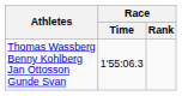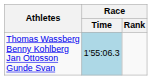 <table class="wikitable" border="1" style="font-size:90%">
 <tr>
 <th rowspan=2>Athletes</th>
 <th colspan=2>Race</th>
 </tr>
 <tr>
 <th>Time</th>
 <th>Rank</th>
 </tr>
 <tr>
 <td><a href='#'>Thomas Wassberg</a><br><a href='#'>Benny Kohlberg</a><br><a href='#'>Jan Ottosson</a><br><a href='#'>Gunde Svan</a></td>
-<td align=center>1'55:06.3</td>
+<td align=center style="background: lightblue;">1'55:06.3</td>
 <td align=center></td>
 </tr>
 </table>
